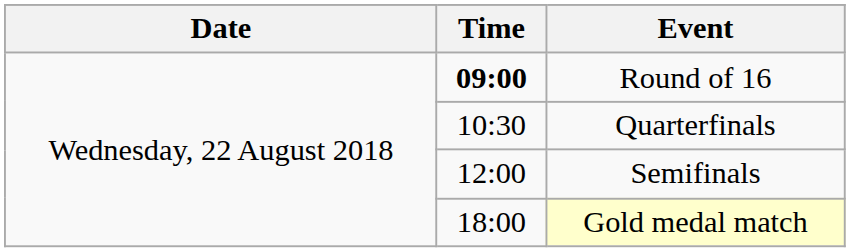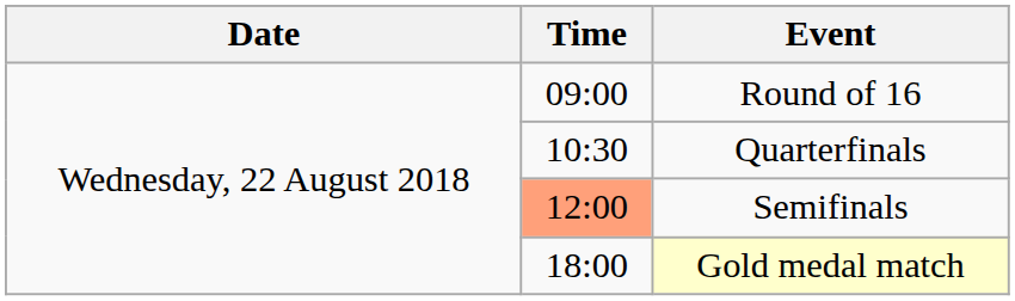 <table class = "wikitable" style="text-align:center;">
 <tr>
 <th width=220>Date</th>
 <th width=50>Time</th>
 <th width=150>Event</th>
 </tr>
 <tr>
 <td rowspan=4>Wednesday, 22 August 2018</td>
-<td><strong>09:00</strong></td>
+<td>09:00</td>
 <td>Round of 16</td>
 </tr>
 <tr>
 <td>10:30</td>
 <td>Quarterfinals</td>
 </tr>
 <tr>
-<td>12:00</td>
+<td style="background: lightsalmon;">12:00</td>
 <td>Semifinals</td>
 </tr>
 <tr>
 <td>18:00</td>
 <td bgcolor=ffffcc>Gold medal match</td>
 </tr>
 </table>
